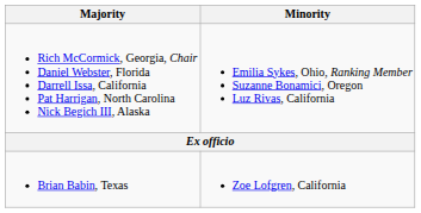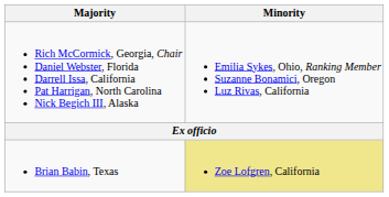 <table class=wikitable>
 <tr>
 <th>Majority</th>
 <th>Minority</th>
 </tr>
 <tr>
 <td><br><ul><li><a href='#'>Rich McCormick</a>, Georgia, <em>Chair</em></li><li><a href='#'>Daniel Webster</a>, Florida</li><li><a href='#'>Darrell Issa</a>, California</li><li><a href='#'>Pat Harrigan</a>, North Carolina</li><li><a href='#'>Nick Begich III</a>, Alaska</li></ul></td>
 <td><br><ul><li><a href='#'>Emilia Sykes</a>, Ohio, <em>Ranking Member</em></li><li><a href='#'>Suzanne Bonamici</a>, Oregon</li><li><a href='#'>Luz Rivas</a>, California</li></ul></td>
 </tr>
 <tr>
 <th colspan=2><em>Ex officio</em></th>
 </tr>
 <tr>
 <td><br><ul><li><a href='#'>Brian Babin</a>, Texas</li></ul></td>
-<td><br><ul><li><a href='#'>Zoe Lofgren</a>, California</li></ul></td>
+<td style="background: khaki;"><br><ul><li><a href='#'>Zoe Lofgren</a>, California</li></ul></td>
 </tr>
 </table>
